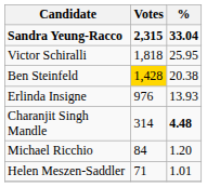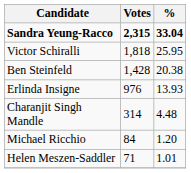 <table class="wikitable">
 <tr>
 <th bgcolor="#DDDDFF" width="150px">Candidate</th>
 <th bgcolor="#DDDDFF">Votes</th>
 <th bgcolor="#DDDDFF">%</th>
 </tr>
 <tr>
 <td><strong>Sandra Yeung-Racco</strong></td>
 <td><strong>2,315</strong></td>
 <td><strong>33.04</strong></td>
 </tr>
 <tr>
 <td>Victor Schiralli</td>
 <td>1,818</td>
 <td>25.95</td>
 </tr>
 <tr>
 <td>Ben Steinfeld</td>
-<td style="background: gold;">1,428</td>
+<td>1,428</td>
 <td>20.38</td>
 </tr>
 <tr>
 <td>Erlinda Insigne</td>
 <td>976</td>
 <td>13.93</td>
 </tr>
 <tr>
 <td>Charanjit Singh Mandle</td>
 <td>314</td>
-<td><strong>4.48</strong></td>
+<td>4.48</td>
 </tr>
 <tr>
 <td>Michael Ricchio</td>
 <td>84</td>
 <td>1.20</td>
 </tr>
 <tr>
 <td>Helen Meszen-Saddler</td>
 <td>71</td>
 <td>1.01</td>
 </tr>
 <tr>
 </tr>
 </table>
